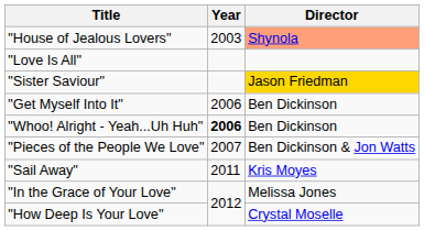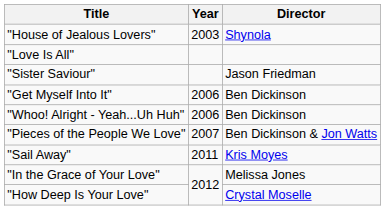 <table class="wikitable">
 <tr>
 <th>Title</th>
 <th>Year</th>
 <th>Director</th>
 </tr>
 <tr>
 <td>"House of Jealous Lovers"</td>
 <td>2003</td>
-<td style="background: lightsalmon;"><a href='#'>Shynola</a></td>
+<td><a href='#'>Shynola</a></td>
 </tr>
 <tr>
 <td>"Love Is All"</td>
 <td></td>
 <td></td>
 </tr>
 <tr>
 <td>"Sister Saviour"</td>
 <td></td>
-<td style="background: gold;">Jason Friedman</td>
+<td>Jason Friedman</td>
 </tr>
 <tr>
 <td>"Get Myself Into It"</td>
 <td>2006</td>
 <td>Ben Dickinson</td>
 </tr>
 <tr>
 <td>"Whoo! Alright - Yeah...Uh Huh"</td>
-<td><strong>2006</strong></td>
+<td>2006</td>
 <td>Ben Dickinson</td>
 </tr>
 <tr>
 <td>"Pieces of the People We Love"</td>
 <td>2007</td>
 <td>Ben Dickinson & <a href='#'>Jon Watts</a></td>
 </tr>
 <tr>
 <td>"Sail Away"</td>
 <td>2011</td>
 <td><a href='#'>Kris Moyes</a></td>
 </tr>
 <tr>
 <td>"In the Grace of Your Love"</td>
 <td rowspan="2">2012</td>
 <td>Melissa Jones</td>
 </tr>
 <tr>
 <td>"How Deep Is Your Love"</td>
 <td><a href='#'>Crystal Moselle</a></td>
 </tr>
 </table>
